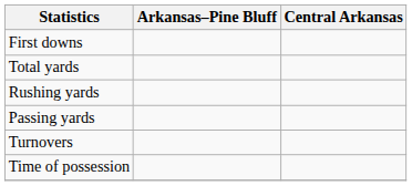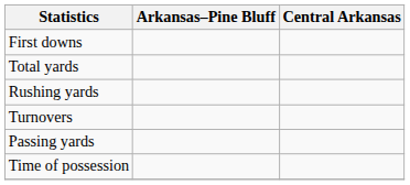 <table class="wikitable">
 <tr>
 <th>Statistics</th>
 <th>Arkansas–Pine Bluff</th>
 <th>Central Arkansas</th>
 </tr>
 <tr>
 <td>First downs</td>
 <td> </td>
 <td> </td>
 </tr>
 <tr>
 <td>Total yards</td>
 <td> </td>
 <td> </td>
 </tr>
 <tr>
 <td>Rushing yards</td>
 <td> </td>
 <td> </td>
 </tr>
 <tr>
-<td>Passing yards</td>
+<td>Turnovers</td>
 <td> </td>
 <td> </td>
 </tr>
 <tr>
-<td>Turnovers</td>
+<td>Passing yards</td>
 <td> </td>
 <td> </td>
 </tr>
 <tr>
 <td>Time of possession</td>
 <td> </td>
 <td> </td>
 </tr>
 <tr>
 </tr>
 </table>
